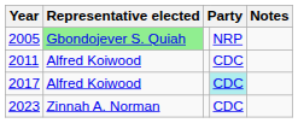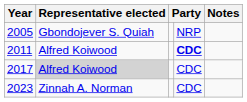 <table class="wikitable">
 <tr>
 <th>Year</th>
 <th>Representative elected</th>
 <th colspan=2>Party</th>
 <th>Notes</th>
 </tr>
 <tr>
 <td><a href='#'>2005</a></td>
-<td style="background: lightgreen;"><a href='#'>Gbondojever S. Quiah</a></td>
+<td><a href='#'>Gbondojever S. Quiah</a></td>
 <td></td>
 <td><a href='#'>NRP</a></td>
 <td></td>
 </tr>
 <tr>
 <td><a href='#'>2011</a></td>
 <td><a href='#'>Alfred Koiwood</a></td>
 <td></td>
-<td><a href='#'>CDC</a></td>
+<td><strong><a href='#'>CDC</a></strong></td>
 <td></td>
 </tr>
 <tr>
 <td><a href='#'>2017</a></td>
-<td><a href='#'>Alfred Koiwood</a></td>
+<td style="background: lightgrey;"><a href='#'>Alfred Koiwood</a></td>
 <td></td>
-<td style="background: paleturquoise;"><a href='#'>CDC</a></td>
+<td><a href='#'>CDC</a></td>
 <td></td>
 </tr>
 <tr>
 <td><a href='#'>2023</a></td>
 <td><a href='#'>Zinnah A. Norman</a></td>
 <td></td>
 <td><a href='#'>CDC</a></td>
 <td></td>
 </tr>
 </table>
